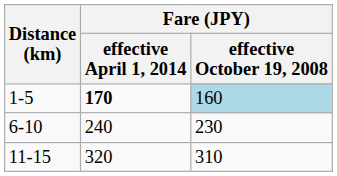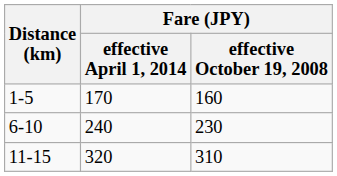 <table border=1 class="wikitable">
 <tr>
 <th rowspan=2>Distance<br>(km)</th>
 <th colspan=2>Fare (JPY)</th>
 </tr>
 <tr>
 <th>effective<br>April 1, 2014</th>
 <th>effective<br>October 19, 2008</th>
 </tr>
 <tr>
 <td>1-5</td>
-<td><strong>170</strong></td>
-<td style="background: lightblue;">160</td>
+<td>170</td>
+<td>160</td>
 </tr>
 <tr>
 <td>6-10</td>
 <td>240</td>
 <td>230</td>
 </tr>
 <tr>
 <td>11-15</td>
 <td>320</td>
 <td>310</td>
 </tr>
 </table>
